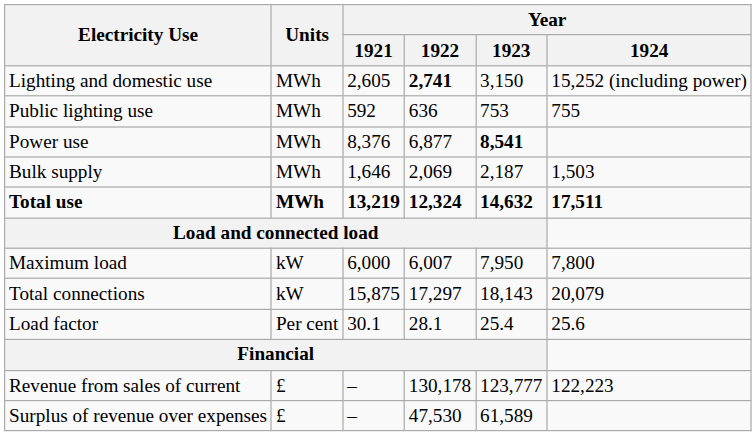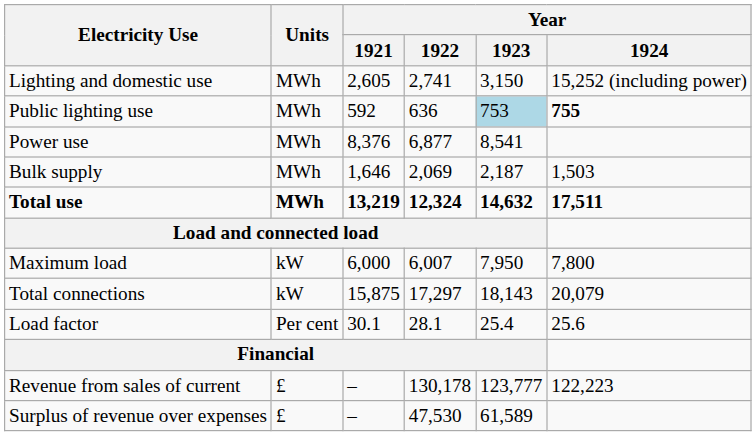 <table class="wikitable">
 <tr>
 <th rowspan="2">Electricity  Use</th>
 <th rowspan="2">Units</th>
 <th colspan="4">Year</th>
 </tr>
 <tr>
 <th>1921</th>
 <th>1922</th>
 <th>1923</th>
 <th>1924</th>
 </tr>
 <tr>
 <td>Lighting  and domestic use</td>
 <td>MWh</td>
 <td>2,605</td>
-<td><strong>2,741</strong></td>
+<td>2,741</td>
 <td>3,150</td>
 <td>15,252  (including power)</td>
 </tr>
 <tr>
 <td>Public  lighting use</td>
 <td>MWh</td>
 <td>592</td>
 <td>636</td>
-<td>753</td>
-<td>755</td>
+<td style="background: lightblue;">753</td>
+<td><strong>755</strong></td>
 </tr>
 <tr>
 <td>Power  use</td>
 <td>MWh</td>
 <td>8,376</td>
 <td>6,877</td>
-<td><strong>8,541</strong></td>
+<td>8,541</td>
 <td></td>
 </tr>
 <tr>
 <td>Bulk  supply</td>
 <td>MWh</td>
 <td>1,646</td>
 <td>2,069</td>
 <td>2,187</td>
 <td>1,503</td>
 </tr>
 <tr>
 <td><strong>Total  use</strong></td>
 <td><strong>MWh</strong></td>
 <td><strong>13,219</strong></td>
 <td><strong>12,324</strong></td>
 <td><strong>14,632</strong></td>
 <td><strong>17,511</strong></td>
 </tr>
 <tr>
 <th colspan="5">Load  and connected load</th>
 <td></td>
 </tr>
 <tr>
 <td>Maximum  load</td>
 <td>kW</td>
 <td>6,000</td>
 <td>6,007</td>
 <td>7,950</td>
 <td>7,800</td>
 </tr>
 <tr>
 <td>Total  connections</td>
 <td>kW</td>
 <td>15,875</td>
 <td>17,297</td>
 <td>18,143</td>
 <td>20,079</td>
 </tr>
 <tr>
 <td>Load  factor</td>
 <td>Per  cent</td>
 <td>30.1</td>
 <td>28.1</td>
 <td>25.4</td>
 <td>25.6</td>
 </tr>
 <tr>
 <th colspan="5">Financial</th>
 <td></td>
 </tr>
 <tr>
 <td>Revenue  from sales of current</td>
 <td>£</td>
 <td>–</td>
 <td>130,178</td>
 <td>123,777</td>
 <td>122,223</td>
 </tr>
 <tr>
 <td>Surplus  of revenue over expenses</td>
 <td>£</td>
 <td>–</td>
 <td>47,530</td>
 <td>61,589</td>
 <td></td>
 </tr>
 </table>
